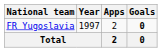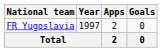 <table class="wikitable" style="text-align:center">
 <tr>
 <th>National team</th>
 <th>Year</th>
 <th>Apps</th>
 <th>Goals</th>
 </tr>
 <tr>
 <td><a href='#'>FR Yugoslavia</a></td>
 <td>1997</td>
 <td>2</td>
-<td><strong>0</strong></td>
+<td>0</td>
 </tr>
 <tr>
 <th colspan="2">Total</th>
 <th>2</th>
 <th>0</th>
 </tr>
 </table>
